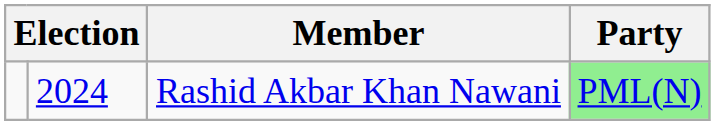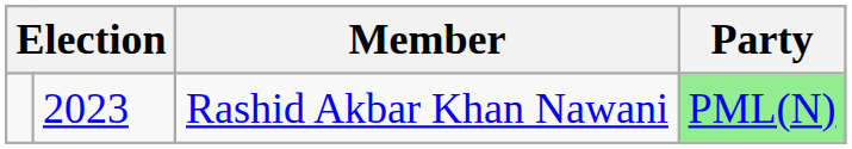 <table class="wikitable">
 <tr>
 <th colspan="2">Election</th>
 <th>Member</th>
 <th>Party</th>
 </tr>
 <tr>
 <td style="background-color: "></td>
-<td><a href='#'>2024</a></td>
+<td><a href='#'>2023</a></td>
 <td><a href='#'>Rashid Akbar Khan Nawani</a></td>
 <td style="background: lightgreen;"><a href='#'>PML(N)</a></td>
 </tr>
 </table>
